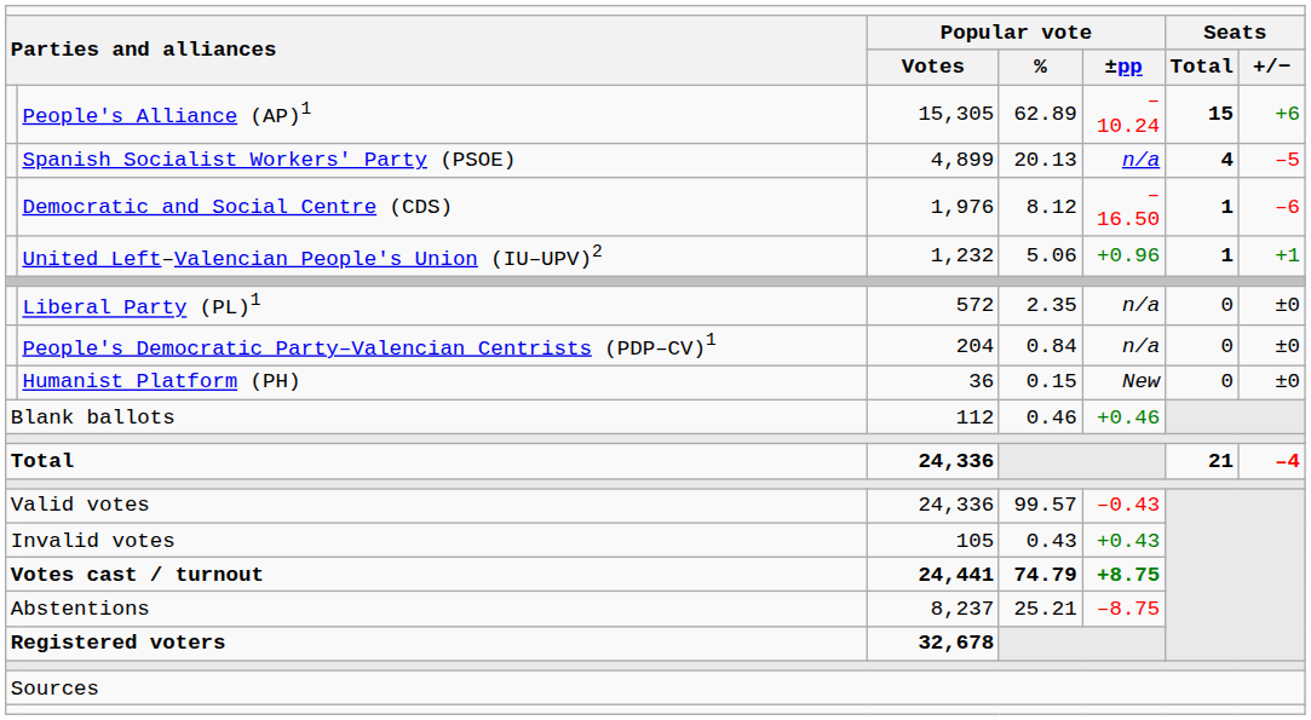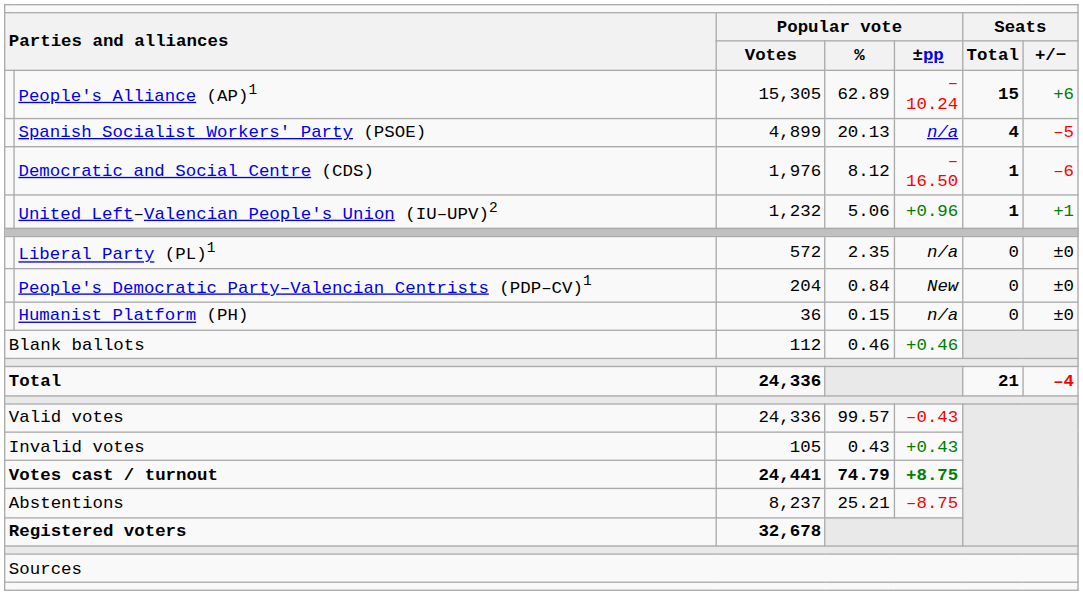 <table class="wikitable" style="text-align:right;">
 <tr>
 <td colspan="7"></td>
 </tr>
 <tr>
 <th style="text-align:left;" rowspan="2" colspan="2" width="525">Parties and alliances</th>
 <th colspan="3">Popular vote</th>
 <th colspan="2">Seats</th>
 </tr>
 <tr>
 <th width="75">Votes</th>
 <th width="45">%</th>
 <th width="45">±<a href='#'>pp</a></th>
 <th width="35">Total</th>
 <th width="35">+/−</th>
 </tr>
 <tr>
 <td width="1" style="color:inherit;background:"></td>
 <td align="left"><a href='#'>People's Alliance</a> (AP)<sup>1</sup></td>
 <td>15,305</td>
 <td>62.89</td>
 <td style="color:red;">–10.24</td>
 <td><strong>15</strong></td>
 <td style="color:green;">+6</td>
 </tr>
 <tr>
 <td style="color:inherit;background:"></td>
 <td align="left"><a href='#'>Spanish Socialist Workers' Party</a> (PSOE)</td>
 <td>4,899</td>
 <td>20.13</td>
 <td><em><a href='#'>n/a</a></em></td>
 <td><strong>4</strong></td>
 <td style="color:red;">–5</td>
 </tr>
 <tr>
 <td style="color:inherit;background:"></td>
 <td align="left"><a href='#'>Democratic and Social Centre</a> (CDS)</td>
 <td>1,976</td>
 <td>8.12</td>
 <td style="color:red;">–16.50</td>
 <td><strong>1</strong></td>
 <td style="color:red;">–6</td>
 </tr>
 <tr>
 <td style="color:inherit;background:"></td>
 <td align="left"><a href='#'>United Left</a>–<a href='#'>Valencian People's Union</a> (IU–UPV)<sup>2</sup></td>
 <td>1,232</td>
 <td>5.06</td>
 <td style="color:green;">+0.96</td>
 <td><strong>1</strong></td>
 <td style="color:green;">+1</td>
 </tr>
 <tr>
 <td colspan="7" bgcolor="#C0C0C0"></td>
 </tr>
 <tr>
 <td style="color:inherit;background:"></td>
 <td align="left"><a href='#'>Liberal Party</a> (PL)<sup>1</sup></td>
 <td>572</td>
 <td>2.35</td>
 <td><em>n/a</em></td>
 <td>0</td>
 <td>±0</td>
 </tr>
 <tr>
 <td style="color:inherit;background:"></td>
 <td align="left"><a href='#'>People's Democratic Party–Valencian Centrists</a> (PDP–CV)<sup>1</sup></td>
 <td>204</td>
 <td>0.84</td>
-<td><em>n/a</em></td>
+<td><em>New</em></td>
 <td>0</td>
 <td>±0</td>
 </tr>
 <tr>
 <td style="color:inherit;background:"></td>
 <td align="left"><a href='#'>Humanist Platform</a> (PH)</td>
 <td>36</td>
 <td>0.15</td>
-<td><em>New</em></td>
+<td><em>n/a</em></td>
 <td>0</td>
 <td>±0</td>
 </tr>
 <tr>
 <td align="left" colspan="2">Blank ballots</td>
 <td>112</td>
 <td>0.46</td>
 <td style="color:green;">+0.46</td>
 <td bgcolor="#E9E9E9" colspan="2"></td>
 </tr>
 <tr>
 <td colspan="7" bgcolor="#E9E9E9"></td>
 </tr>
 <tr style="font-weight:bold;">
 <td align="left" colspan="2">Total</td>
 <td>24,336</td>
 <td bgcolor="#E9E9E9" colspan="2"></td>
 <td>21</td>
 <td style="color:red;">–4</td>
 </tr>
 <tr>
 <td colspan="7" bgcolor="#E9E9E9"></td>
 </tr>
 <tr>
 <td align="left" colspan="2">Valid votes</td>
 <td>24,336</td>
 <td>99.57</td>
 <td style="color:red;">–0.43</td>
 <td bgcolor="#E9E9E9" colspan="2" rowspan="5"></td>
 </tr>
 <tr>
 <td align="left" colspan="2">Invalid votes</td>
 <td>105</td>
 <td>0.43</td>
 <td style="color:green;">+0.43</td>
 </tr>
 <tr style="font-weight:bold;">
 <td align="left" colspan="2">Votes cast / turnout</td>
 <td>24,441</td>
 <td>74.79</td>
 <td style="color:green;">+8.75</td>
 </tr>
 <tr>
 <td align="left" colspan="2">Abstentions</td>
 <td>8,237</td>
 <td>25.21</td>
 <td style="color:red;">–8.75</td>
 </tr>
 <tr style="font-weight:bold;">
 <td align="left" colspan="2">Registered voters</td>
 <td>32,678</td>
 <td bgcolor="#E9E9E9" colspan="2"></td>
 </tr>
 <tr>
 <td colspan="7" bgcolor="#E9E9E9"></td>
 </tr>
 <tr>
 <td align="left" colspan="7">Sources</td>
 </tr>
 <tr>
 <td colspan="7" style="text-align:left; max-width:790px;"></td>
 </tr>
 </table>
